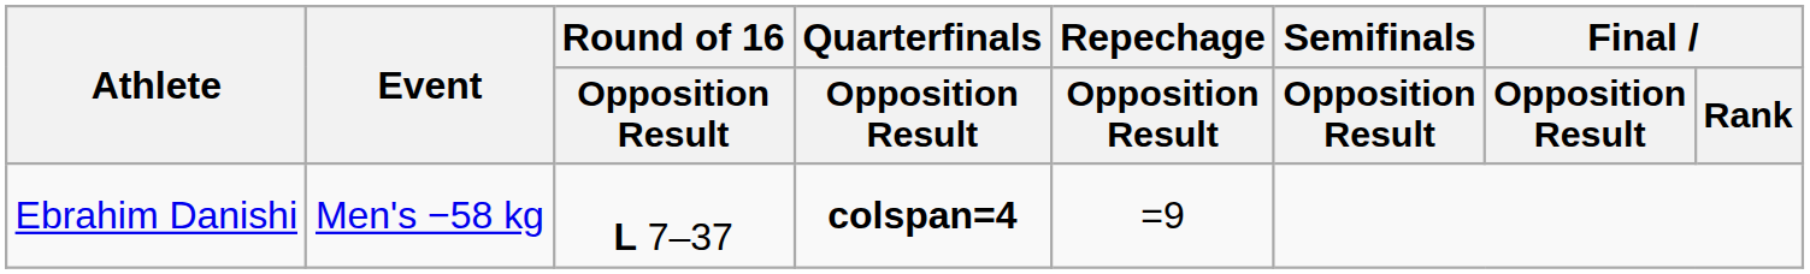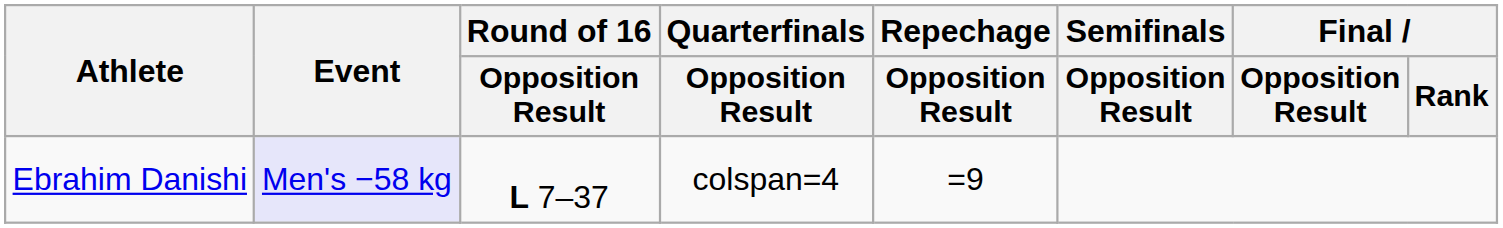 <table class="wikitable" style="font-size:90%;">
 <tr>
 <th rowspan=2>Athlete</th>
 <th rowspan=2>Event</th>
 <th>Round of 16</th>
 <th>Quarterfinals</th>
 <th>Repechage</th>
 <th>Semifinals</th>
 <th colspan=2>Final / </th>
 </tr>
 <tr style="font-size:95%">
 <th>Opposition<br>Result</th>
 <th>Opposition<br>Result</th>
 <th>Opposition<br>Result</th>
 <th>Opposition<br>Result</th>
 <th>Opposition<br>Result</th>
 <th>Rank</th>
 </tr>
 <tr align=center>
 <td align=left><a href='#'>Ebrahim Danishi</a></td>
-<td align=left><a href='#'>Men's −58 kg</a></td>
+<td align=left style="background: lavender;"><a href='#'>Men's −58 kg</a></td>
 <td><br><strong>L</strong> 7–37</td>
-<td><strong>colspan=4 </strong></td>
+<td>colspan=4 </td>
 <td>=9</td>
 </tr>
 </table>
